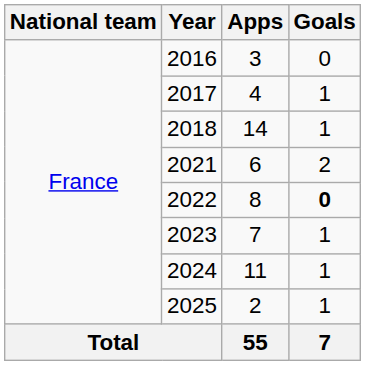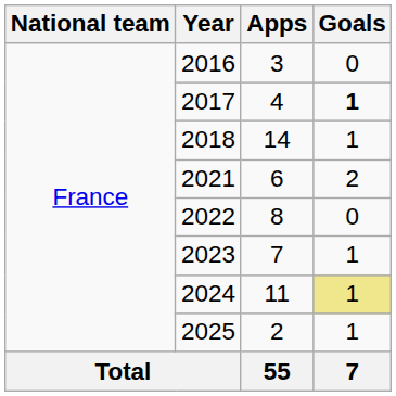 <table class="wikitable" style="text-align: center;">
 <tr>
 <th>National team</th>
 <th>Year</th>
 <th>Apps</th>
 <th>Goals</th>
 </tr>
 <tr>
 <td rowspan="8"><a href='#'>France</a></td>
 <td>2016</td>
 <td>3</td>
 <td>0</td>
 </tr>
 <tr>
 <td>2017</td>
 <td>4</td>
-<td>1</td>
+<td><strong>1</strong></td>
 </tr>
 <tr>
 <td>2018</td>
 <td>14</td>
 <td>1</td>
 </tr>
 <tr>
 <td>2021</td>
 <td>6</td>
 <td>2</td>
 </tr>
 <tr>
 <td>2022</td>
 <td>8</td>
-<td><strong>0</strong></td>
+<td>0</td>
 </tr>
 <tr>
 <td>2023</td>
 <td>7</td>
 <td>1</td>
 </tr>
 <tr>
 <td>2024</td>
 <td>11</td>
-<td>1</td>
+<td style="background: khaki;">1</td>
 </tr>
 <tr>
 <td>2025</td>
 <td>2</td>
 <td>1</td>
 </tr>
 <tr>
 <th colspan="2">Total</th>
 <th>55</th>
 <th>7</th>
 </tr>
 </table>
